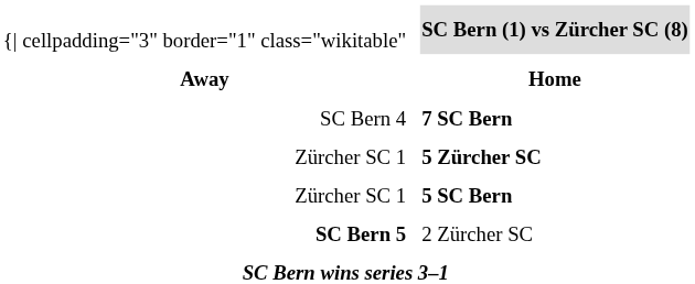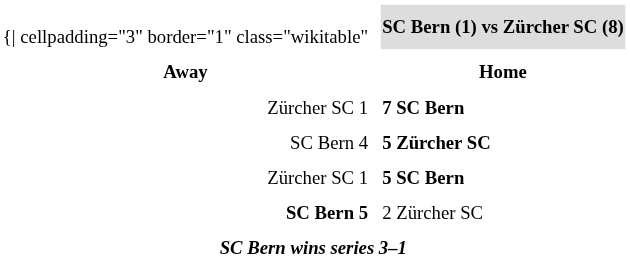 <table cellspacing="10">
 <tr>
 <td valign="top"><br>	{| cellpadding="3" border="1"  class="wikitable"</td>
 <th bgcolor="#DDDDDD" colspan="4">SC Bern (1) vs Zürcher SC (8)</th>
 </tr>
 <tr>
 <th>Away</th>
 <th>Home</th>
 </tr>
 <tr>
-<td align = "right">SC Bern 4</td>
+<td align = "right">Zürcher SC 1</td>
 <td><strong>7 SC Bern</strong></td>
 </tr>
 <tr>
-<td align = "right">Zürcher SC 1</td>
+<td align = "right">SC Bern 4</td>
 <td><strong>5 Zürcher SC</strong></td>
 </tr>
 <tr>
 <td align = "right">Zürcher SC 1</td>
 <td><strong>5 SC Bern</strong></td>
 </tr>
 <tr>
 <td align = "right"><strong>SC Bern 5</strong></td>
 <td>2 Zürcher SC</td>
 </tr>
 <tr align="center">
 <td colspan="4"><strong><em>SC Bern wins series 3–1</em></strong></td>
 </tr>
 </table>
